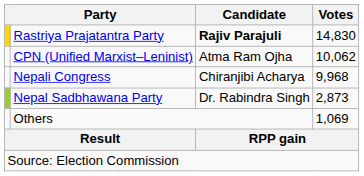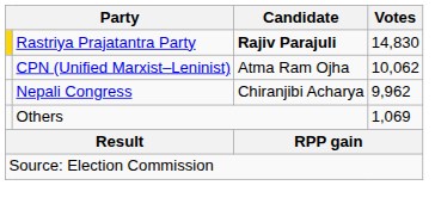 <table class="wikitable">
 <tr>
 <th colspan="2">Party</th>
 <th>Candidate</th>
 <th>Votes</th>
 </tr>
 <tr>
 <td style="background-color:gold"></td>
 <td><a href='#'>Rastriya Prajatantra Party</a></td>
 <td><strong>Rajiv Parajuli</strong></td>
 <td>14,830</td>
 </tr>
 <tr>
 <td style="background-color:"></td>
 <td><a href='#'>CPN (Unified Marxist–Leninist)</a></td>
 <td>Atma Ram Ojha</td>
 <td>10,062</td>
 </tr>
 <tr>
 <td style="background-color:"></td>
 <td><a href='#'>Nepali Congress</a></td>
 <td>Chiranjibi Acharya</td>
-<td>9,968</td>
-</tr>
-<tr>
-<td style="background-color:yellowgreen"></td>
-<td><a href='#'>Nepal Sadbhawana Party</a></td>
-<td>Dr. Rabindra Singh</td>
-<td>2,873</td>
+<td>9,962</td>
 </tr>
 <tr>
 <td></td>
 <td colspan="2">Others</td>
 <td>1,069</td>
 </tr>
 <tr>
 <th colspan="2">Result</th>
 <th colspan="2">RPP gain</th>
 </tr>
 <tr>
 <td colspan="4">Source: Election Commission</td>
 </tr>
 </table>
